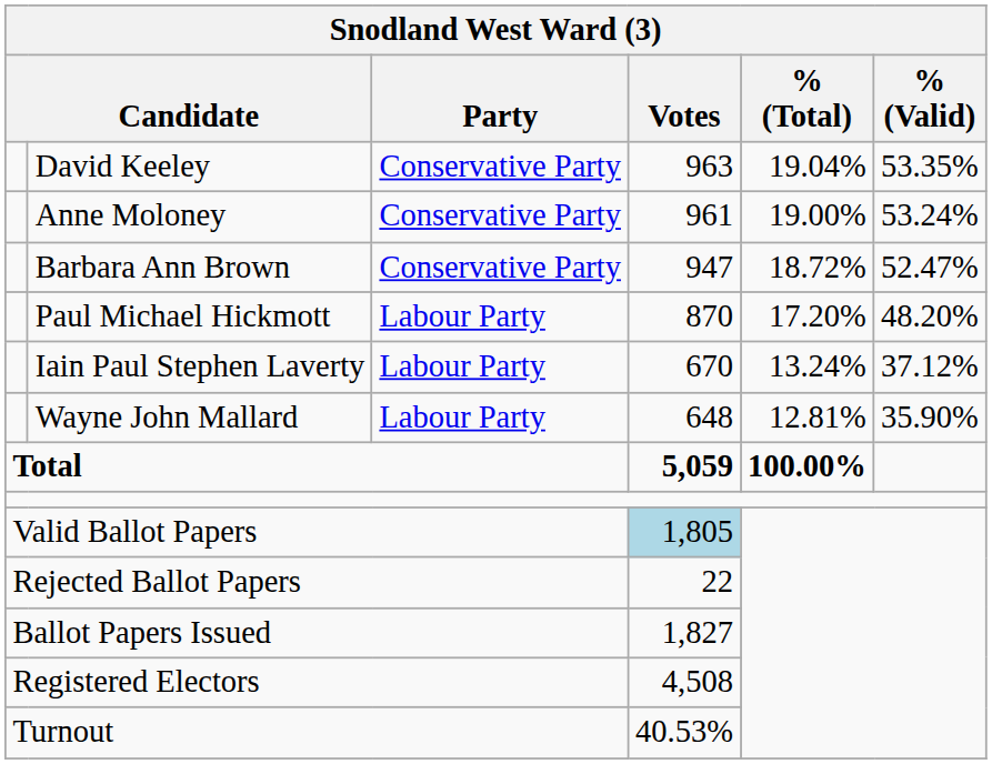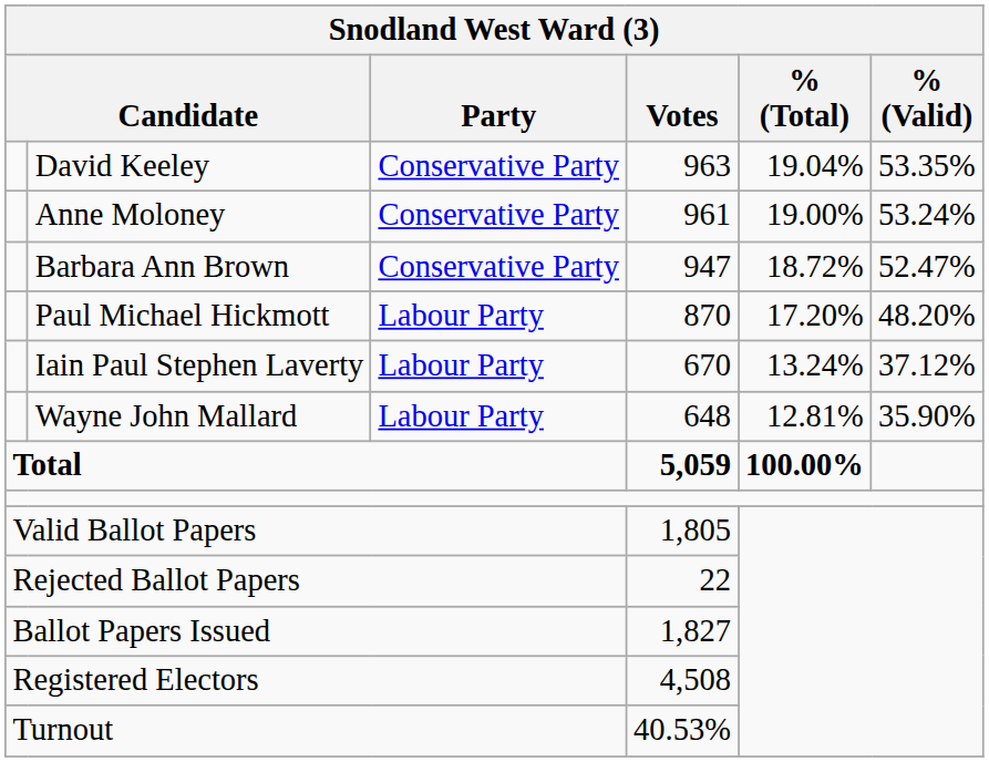 <table class="wikitable" border="1" style="text-align:right; font-size:100%">
 <tr>
 <th align=center colspan=6>Snodland West Ward (3)</th>
 </tr>
 <tr>
 <th valign=bottom align=left colspan=2>Candidate</th>
 <th valign=bottom align=left>Party</th>
 <th valign=bottom align=center>Votes</th>
 <th align=center>%<br>(Total)</th>
 <th align=center>%<br>(Valid)</th>
 </tr>
 <tr>
 <td bgcolor=> </td>
 <td align=left>David Keeley</td>
 <td align=left><a href='#'>Conservative Party</a></td>
 <td>963</td>
 <td>19.04%</td>
 <td>53.35%</td>
 </tr>
 <tr>
 <td bgcolor=> </td>
 <td align=left>Anne Moloney</td>
 <td align=left><a href='#'>Conservative Party</a></td>
 <td>961</td>
 <td>19.00%</td>
 <td>53.24%</td>
 </tr>
 <tr>
 <td bgcolor=> </td>
 <td align=left>Barbara Ann Brown</td>
 <td align=left><a href='#'>Conservative Party</a></td>
 <td>947</td>
 <td>18.72%</td>
 <td>52.47%</td>
 </tr>
 <tr>
 <td bgcolor=> </td>
 <td align=left>Paul Michael Hickmott</td>
 <td align=left><a href='#'>Labour Party</a></td>
 <td>870</td>
 <td>17.20%</td>
 <td>48.20%</td>
 </tr>
 <tr>
 <td bgcolor=> </td>
 <td align=left>Iain Paul Stephen Laverty</td>
 <td align=left><a href='#'>Labour Party</a></td>
 <td>670</td>
 <td>13.24%</td>
 <td>37.12%</td>
 </tr>
 <tr>
 <td bgcolor=> </td>
 <td align=left>Wayne John Mallard</td>
 <td align=left><a href='#'>Labour Party</a></td>
 <td>648</td>
 <td>12.81%</td>
 <td>35.90%</td>
 </tr>
 <tr>
 <td align=left colspan=3><strong>Total</strong></td>
 <td><strong>5,059</strong></td>
 <td><strong>100.00%</strong></td>
 <td></td>
 </tr>
 <tr>
 <td align=left colspan=6></td>
 </tr>
 <tr>
 <td align=left colspan=3>Valid Ballot Papers</td>
-<td style="background: lightblue;">1,805</td>
+<td>1,805</td>
 <td colspan=2 rowspan=5></td>
 </tr>
 <tr>
 <td align=left colspan=3>Rejected Ballot Papers</td>
 <td>22</td>
 </tr>
 <tr>
 <td align=left colspan=3>Ballot Papers Issued</td>
 <td>1,827</td>
 </tr>
 <tr>
 <td align=left colspan=3>Registered Electors</td>
 <td>4,508</td>
 </tr>
 <tr>
 <td align=left colspan=3>Turnout</td>
 <td>40.53%</td>
 </tr>
 </table>
